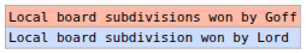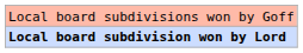 <table class="wikitable">
 <tr bgcolor="#FFBAA8">
 <td>Local board subdivisions won by Goff</td>
 </tr>
 <tr bgcolor="#CCDDFF">
-<td>Local board subdivision won by Lord</td>
+<td><strong>Local board subdivision won by Lord</strong></td>
 </tr>
 </table>
